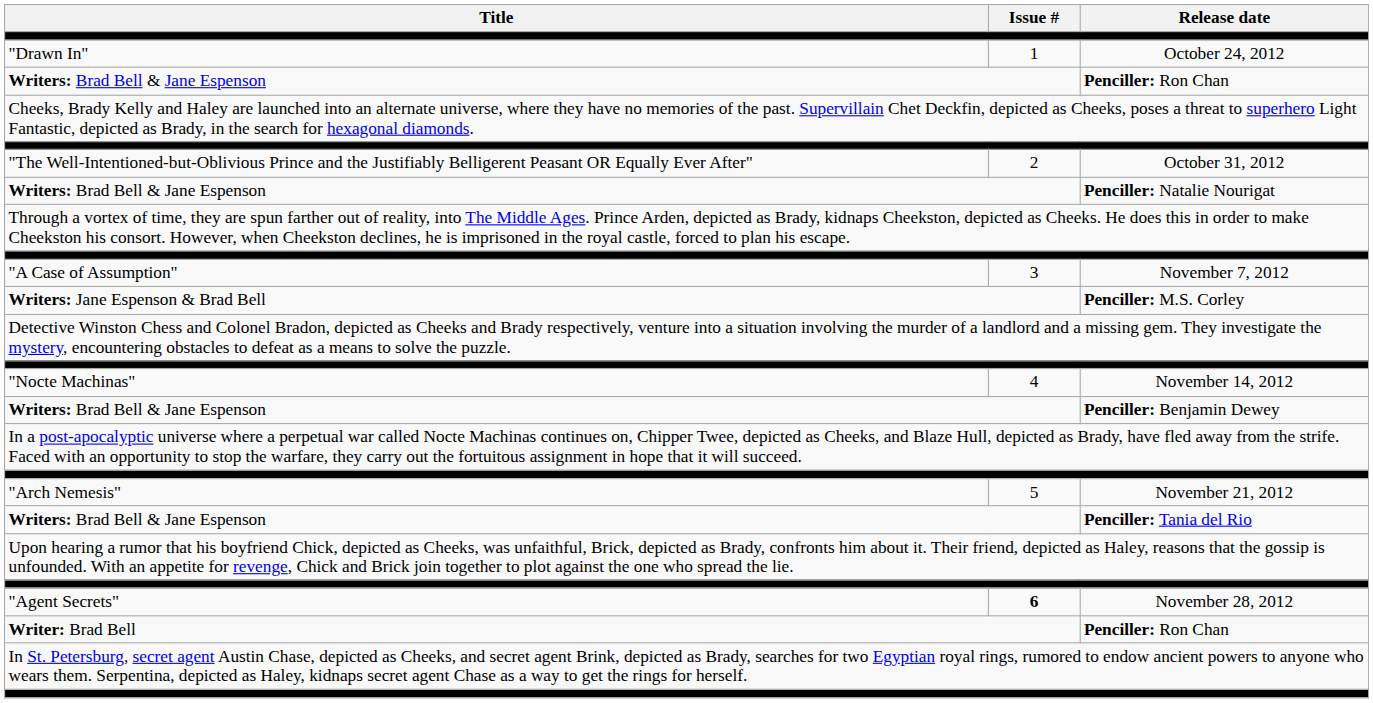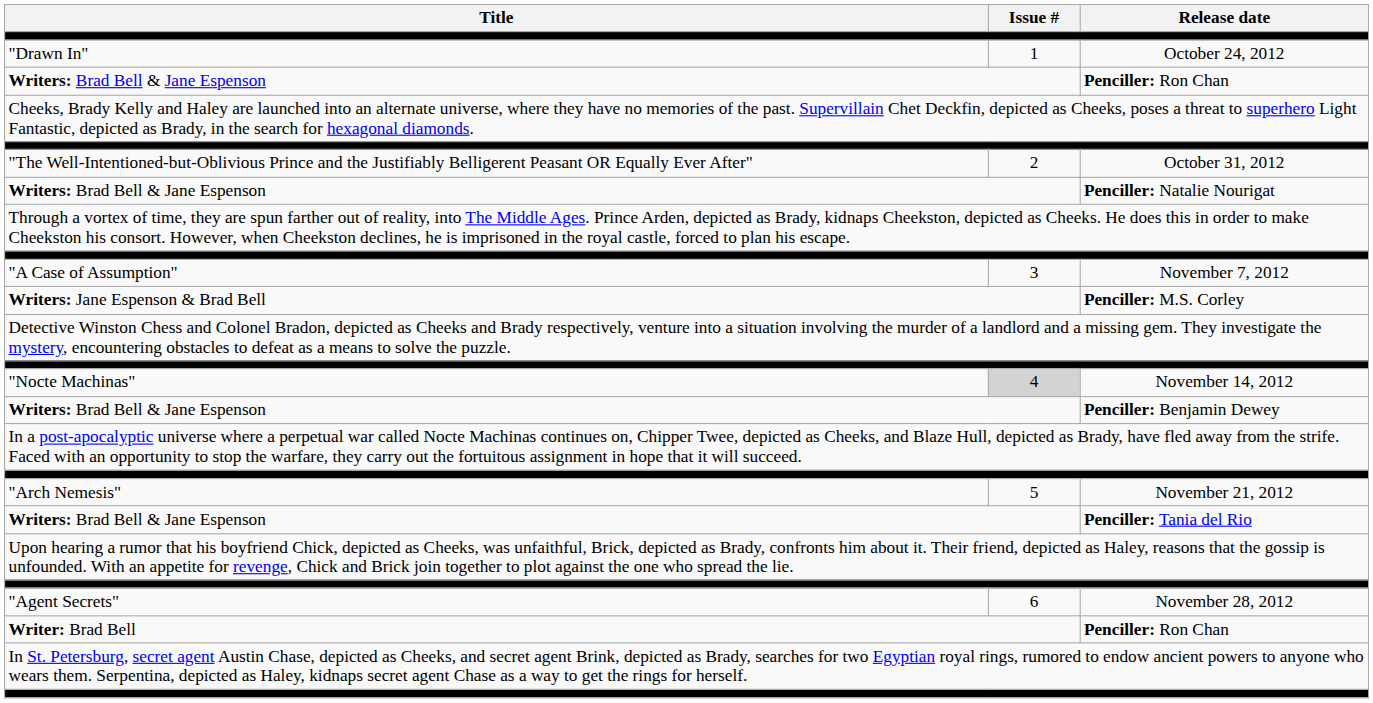 <table class="wikitable" style="width:100%;">
 <tr>
 <th>Title</th>
 <th>Issue #</th>
 <th>Release date</th>
 </tr>
 <tr>
 <td colspan="6" style="background: #000000;"></td>
 </tr>
 <tr>
 <td>"Drawn In"</td>
 <td style="text-align:center;">1</td>
 <td style="text-align:center;">October 24, 2012</td>
 </tr>
 <tr>
 <td colspan="2"><strong>Writers:</strong> <a href='#'>Brad Bell</a> & <a href='#'>Jane Espenson</a></td>
 <td><strong>Penciller:</strong> Ron Chan</td>
 </tr>
 <tr>
 <td colspan="6">Cheeks, Brady Kelly and Haley are launched into an alternate universe, where they have no memories of the past. <a href='#'>Supervillain</a> Chet Deckfin, depicted as Cheeks, poses a threat to <a href='#'>superhero</a> Light Fantastic, depicted as Brady, in the search for <a href='#'>hexagonal diamonds</a>.</td>
 </tr>
 <tr>
 <td colspan="6" style="background: #000000;"></td>
 </tr>
 <tr>
 <td>"The Well-Intentioned-but-Oblivious Prince and the Justifiably Belligerent Peasant OR Equally Ever After"</td>
 <td style="text-align:center;">2</td>
 <td style="text-align:center;">October 31, 2012</td>
 </tr>
 <tr>
 <td colspan="2"><strong>Writers:</strong> Brad Bell & Jane Espenson</td>
 <td><strong>Penciller:</strong> Natalie Nourigat</td>
 </tr>
 <tr>
 <td colspan="6">Through a vortex of time, they are spun farther out of reality, into <a href='#'>The Middle Ages</a>. Prince Arden, depicted as Brady, kidnaps Cheekston, depicted as Cheeks. He does this in order to make Cheekston his consort. However, when Cheekston declines, he is imprisoned in the royal castle, forced to plan his escape.</td>
 </tr>
 <tr>
 <td colspan="6" style="background: #000000;"></td>
 </tr>
 <tr>
 <td>"A Case of Assumption"</td>
 <td style="text-align:center;">3</td>
 <td style="text-align:center;">November 7, 2012</td>
 </tr>
 <tr>
 <td colspan="2"><strong>Writers:</strong> Jane Espenson & Brad Bell</td>
 <td><strong>Penciller:</strong> M.S. Corley</td>
 </tr>
 <tr>
 <td colspan="6">Detective Winston Chess and Colonel Bradon, depicted as Cheeks and Brady respectively, venture into a situation involving the murder of a landlord and a missing gem. They investigate the <a href='#'>mystery</a>, encountering obstacles to defeat as a means to solve the puzzle.</td>
 </tr>
 <tr>
 <td colspan="6" style="background: #000000;"></td>
 </tr>
 <tr>
 <td>"Nocte Machinas"</td>
-<td style="text-align:center;">4</td>
+<td style="background: lightgrey; text-align:center;">4</td>
 <td style="text-align:center;">November 14, 2012</td>
 </tr>
 <tr>
 <td colspan="2"><strong>Writers:</strong> Brad Bell & Jane Espenson</td>
 <td><strong>Penciller:</strong> Benjamin Dewey</td>
 </tr>
 <tr>
 <td colspan="6">In a <a href='#'>post-apocalyptic</a> universe where a perpetual war called Nocte Machinas continues on, Chipper Twee, depicted as Cheeks, and Blaze Hull, depicted as Brady, have fled away from the strife. Faced with an opportunity to stop the warfare, they carry out the fortuitous assignment in hope that it will succeed.</td>
 </tr>
 <tr>
 <td colspan="6" style="background: #000000;"></td>
 </tr>
 <tr>
 <td>"Arch Nemesis"</td>
 <td style="text-align:center;">5</td>
 <td style="text-align:center;">November 21, 2012</td>
 </tr>
 <tr>
 <td colspan="2"><strong>Writers:</strong> Brad Bell & Jane Espenson</td>
 <td><strong>Penciller:</strong> <a href='#'>Tania del Rio</a></td>
 </tr>
 <tr>
 <td colspan="6">Upon hearing a rumor that his boyfriend Chick, depicted as Cheeks, was unfaithful, Brick, depicted as Brady, confronts him about it. Their friend, depicted as Haley, reasons that the gossip is unfounded. With an appetite for <a href='#'>revenge</a>, Chick and Brick join together to plot against the one who spread the lie.</td>
 </tr>
 <tr>
 <td colspan="6" style="background: #000000;"></td>
 </tr>
 <tr>
 <td>"Agent Secrets"</td>
-<td style="text-align:center;"><strong>6</strong></td>
+<td style="text-align:center;">6</td>
 <td style="text-align:center;">November 28, 2012</td>
 </tr>
 <tr>
 <td colspan="2"><strong>Writer:</strong> Brad Bell</td>
 <td><strong>Penciller:</strong> Ron Chan</td>
 </tr>
 <tr>
 <td colspan="6">In <a href='#'>St. Petersburg</a>, <a href='#'>secret agent</a> Austin Chase, depicted as Cheeks, and secret agent Brink, depicted as Brady, searches for two <a href='#'>Egyptian</a> royal rings, rumored to endow ancient powers to anyone who wears them. Serpentina, depicted as Haley, kidnaps  secret agent Chase as a way to get the rings for herself.</td>
 </tr>
 <tr>
 <td colspan="6" style="background: #000000;"></td>
 </tr>
 </table>
